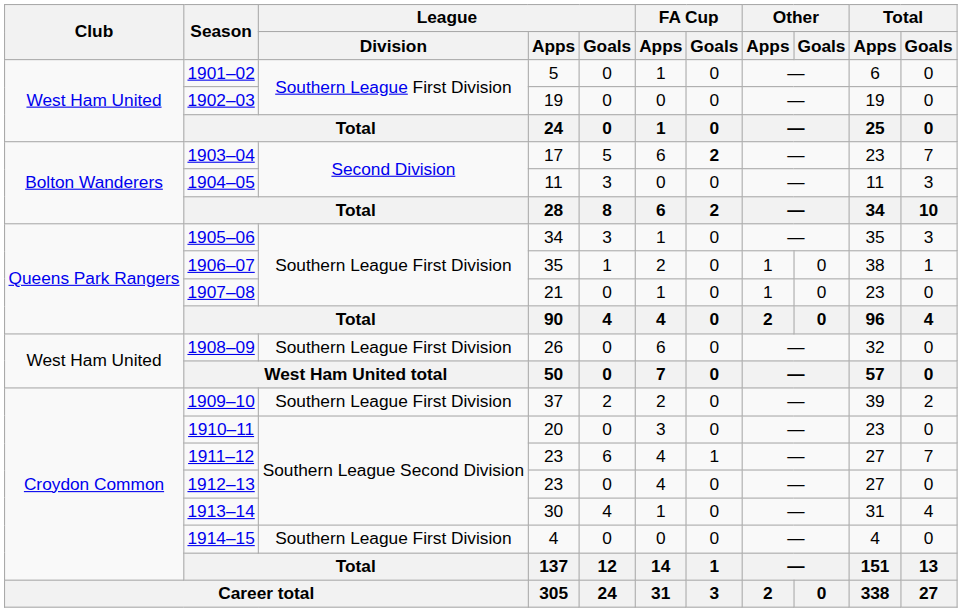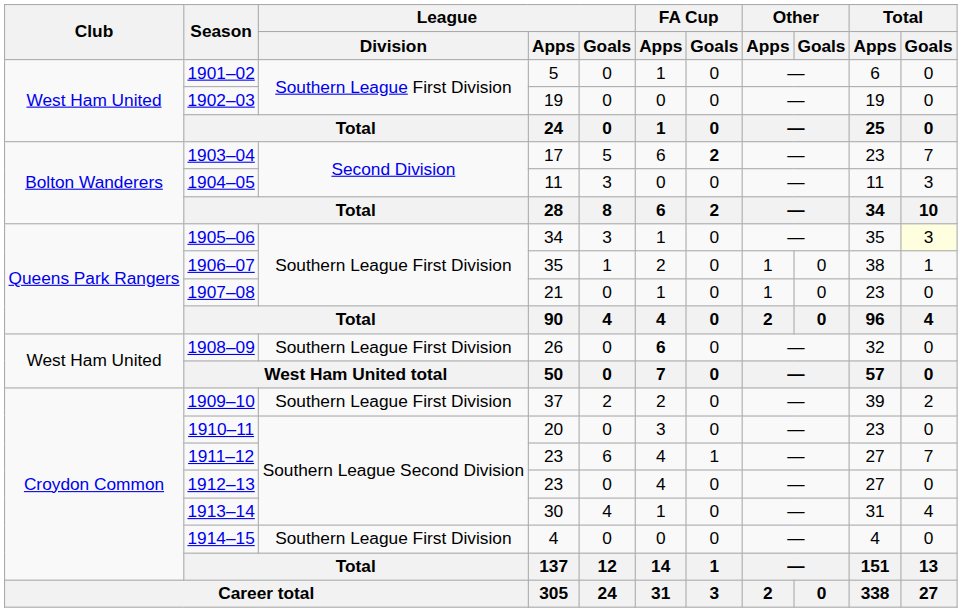 <table class="wikitable" style="text-align: center;">
 <tr>
 <th rowspan="2">Club</th>
 <th rowspan="2">Season</th>
 <th colspan="3">League</th>
 <th colspan="2">FA Cup</th>
 <th colspan="2">Other</th>
 <th colspan="2">Total</th>
 </tr>
 <tr>
 <th>Division</th>
 <th>Apps</th>
 <th>Goals</th>
 <th>Apps</th>
 <th>Goals</th>
 <th>Apps</th>
 <th>Goals</th>
 <th>Apps</th>
 <th>Goals</th>
 </tr>
 <tr>
 <td rowspan="3"><a href='#'>West Ham United</a></td>
 <td><a href='#'>1901–02</a></td>
 <td rowspan="2"><a href='#'>Southern League</a> First Division</td>
 <td>5</td>
 <td>0</td>
 <td>1</td>
 <td>0</td>
 <td colspan="2">—</td>
 <td>6</td>
 <td>0</td>
 </tr>
 <tr>
 <td><a href='#'>1902–03</a></td>
 <td>19</td>
 <td>0</td>
 <td>0</td>
 <td>0</td>
 <td colspan="2">—</td>
 <td>19</td>
 <td>0</td>
 </tr>
 <tr>
 <th colspan="2">Total</th>
 <th>24</th>
 <th>0</th>
 <th>1</th>
 <th>0</th>
 <th colspan="2">—</th>
 <th>25</th>
 <th>0</th>
 </tr>
 <tr>
 <td rowspan="3"><a href='#'>Bolton Wanderers</a></td>
 <td><a href='#'>1903–04</a></td>
 <td rowspan="2"><a href='#'>Second Division</a></td>
 <td>17</td>
 <td>5</td>
 <td>6</td>
 <td><strong>2</strong></td>
 <td colspan="2">—</td>
 <td>23</td>
 <td>7</td>
 </tr>
 <tr>
 <td><a href='#'>1904–05</a></td>
 <td>11</td>
 <td>3</td>
 <td>0</td>
 <td>0</td>
 <td colspan="2">—</td>
 <td>11</td>
 <td>3</td>
 </tr>
 <tr>
 <th colspan="2">Total</th>
 <th>28</th>
 <th>8</th>
 <th>6</th>
 <th>2</th>
 <th colspan="2">—</th>
 <th>34</th>
 <th>10</th>
 </tr>
 <tr>
 <td rowspan="4"><a href='#'>Queens Park Rangers</a></td>
 <td><a href='#'>1905–06</a></td>
 <td rowspan="3">Southern League First Division</td>
 <td>34</td>
 <td>3</td>
 <td>1</td>
 <td>0</td>
 <td colspan="2">—</td>
 <td>35</td>
-<td>3</td>
+<td style="background: lightyellow;">3</td>
 </tr>
 <tr>
 <td><a href='#'>1906–07</a></td>
 <td>35</td>
 <td>1</td>
 <td>2</td>
 <td>0</td>
 <td>1</td>
 <td>0</td>
 <td>38</td>
 <td>1</td>
 </tr>
 <tr>
 <td><a href='#'>1907–08</a></td>
 <td>21</td>
 <td>0</td>
 <td>1</td>
 <td>0</td>
 <td>1</td>
 <td>0</td>
 <td>23</td>
 <td>0</td>
 </tr>
 <tr>
 <th colspan="2">Total</th>
 <th>90</th>
 <th>4</th>
 <th>4</th>
 <th>0</th>
 <th>2</th>
 <th>0</th>
 <th>96</th>
 <th>4</th>
 </tr>
 <tr>
 <td rowspan="2">West Ham United</td>
 <td><a href='#'>1908–09</a></td>
 <td>Southern League First Division</td>
 <td>26</td>
 <td>0</td>
-<td>6</td>
+<td><strong>6</strong></td>
 <td>0</td>
 <td colspan="2">—</td>
 <td>32</td>
 <td>0</td>
 </tr>
 <tr>
 <th colspan="2">West Ham United total</th>
 <th>50</th>
 <th>0</th>
 <th>7</th>
 <th>0</th>
 <th colspan="2">—</th>
 <th>57</th>
 <th>0</th>
 </tr>
 <tr>
 <td rowspan="7"><a href='#'>Croydon Common</a></td>
 <td><a href='#'>1909–10</a></td>
 <td>Southern League First Division</td>
 <td>37</td>
 <td>2</td>
 <td>2</td>
 <td>0</td>
 <td colspan="2">—</td>
 <td>39</td>
 <td>2</td>
 </tr>
 <tr>
 <td><a href='#'>1910–11</a></td>
 <td rowspan="4">Southern League Second Division</td>
 <td>20</td>
 <td>0</td>
 <td>3</td>
 <td>0</td>
 <td colspan="2">—</td>
 <td>23</td>
 <td>0</td>
 </tr>
 <tr>
 <td><a href='#'>1911–12</a></td>
 <td>23</td>
 <td>6</td>
 <td>4</td>
 <td>1</td>
 <td colspan="2">—</td>
 <td>27</td>
 <td>7</td>
 </tr>
 <tr>
 <td><a href='#'>1912–13</a></td>
 <td>23</td>
 <td>0</td>
 <td>4</td>
 <td>0</td>
 <td colspan="2">—</td>
 <td>27</td>
 <td>0</td>
 </tr>
 <tr>
 <td><a href='#'>1913–14</a></td>
 <td>30</td>
 <td>4</td>
 <td>1</td>
 <td>0</td>
 <td colspan="2">—</td>
 <td>31</td>
 <td>4</td>
 </tr>
 <tr>
 <td><a href='#'>1914–15</a></td>
 <td>Southern League First Division</td>
 <td>4</td>
 <td>0</td>
 <td>0</td>
 <td>0</td>
 <td colspan="2">—</td>
 <td>4</td>
 <td>0</td>
 </tr>
 <tr>
 <th colspan="2">Total</th>
 <th>137</th>
 <th>12</th>
 <th>14</th>
 <th>1</th>
 <th colspan="2">—</th>
 <th>151</th>
 <th>13</th>
 </tr>
 <tr>
 <th colspan="3">Career total</th>
 <th>305</th>
 <th>24</th>
 <th>31</th>
 <th>3</th>
 <th>2</th>
 <th>0</th>
 <th>338</th>
 <th>27</th>
 </tr>
 </table>
